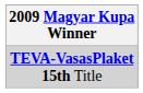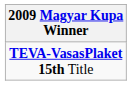 <table class=wikitable style="text-align:center; margin:auto">
 <tr>
 <th>2009 <a href='#'>Magyar Kupa</a><br>Winner</th>
 </tr>
 <tr>
-<td align=center style="background: lightgrey;"><strong><a href='#'>TEVA-VasasPlaket</a></strong><br><strong>15th</strong> Title</td>
+<td align=center><strong><a href='#'>TEVA-VasasPlaket</a></strong><br><strong>15th</strong> Title</td>
 </tr>
 </table>
